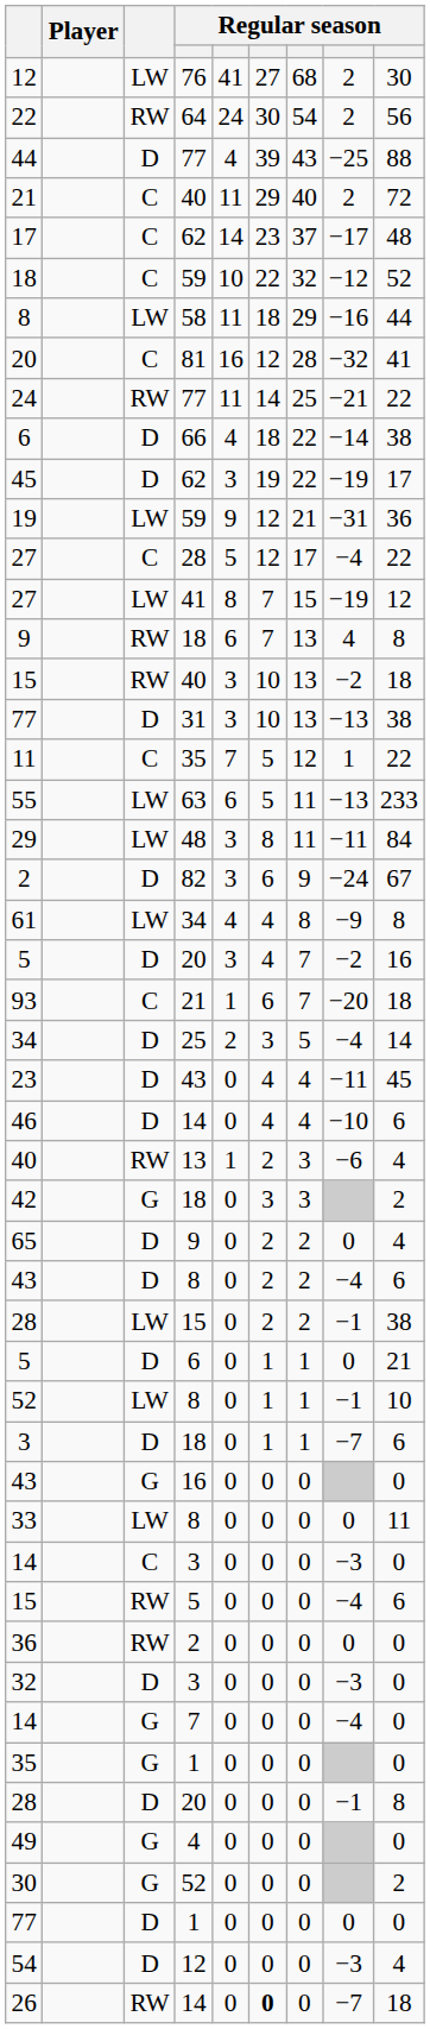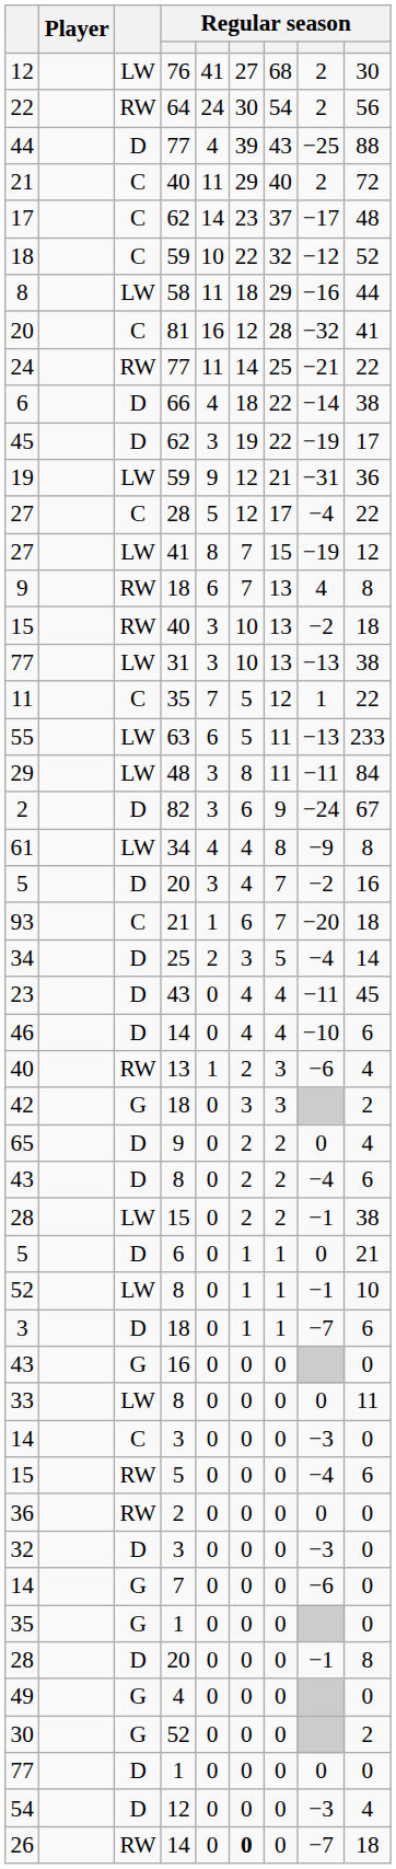 <table class="wikitable sortable plainrowheaders" style="text-align:center;">
 <tr>
 <th scope="col" data-sort-type="number" rowspan="2"></th>
 <th scope="col" rowspan="2">Player</th>
 <th scope="col" rowspan="2"></th>
 <th scope=colgroup colspan=6>Regular season</th>
 </tr>
 <tr>
 <th scope="col" data-sort-type="number"></th>
 <th scope="col" data-sort-type="number"></th>
 <th scope="col" data-sort-type="number"></th>
 <th scope="col" data-sort-type="number"></th>
 <th scope="col" data-sort-type="number"></th>
 <th scope="col" data-sort-type="number"></th>
 </tr>
 <tr>
 <td scope="row">12</td>
 <td align="left"></td>
 <td>LW</td>
 <td>76</td>
 <td>41</td>
 <td>27</td>
 <td>68</td>
 <td>2</td>
 <td>30</td>
 </tr>
 <tr>
 <td scope="row">22</td>
 <td align="left"></td>
 <td>RW</td>
 <td>64</td>
 <td>24</td>
 <td>30</td>
 <td>54</td>
 <td>2</td>
 <td>56</td>
 </tr>
 <tr>
 <td scope="row">44</td>
 <td align="left"></td>
 <td>D</td>
 <td>77</td>
 <td>4</td>
 <td>39</td>
 <td>43</td>
 <td>−25</td>
 <td>88</td>
 </tr>
 <tr>
 <td scope="row">21</td>
 <td align="left"></td>
 <td>C</td>
 <td>40</td>
 <td>11</td>
 <td>29</td>
 <td>40</td>
 <td>2</td>
 <td>72</td>
 </tr>
 <tr>
 <td scope="row">17</td>
 <td align="left"></td>
 <td>C</td>
 <td>62</td>
 <td>14</td>
 <td>23</td>
 <td>37</td>
 <td>−17</td>
 <td>48</td>
 </tr>
 <tr>
 <td scope="row">18</td>
 <td align="left"></td>
 <td>C</td>
 <td>59</td>
 <td>10</td>
 <td>22</td>
 <td>32</td>
 <td>−12</td>
 <td>52</td>
 </tr>
 <tr>
 <td scope="row">8</td>
 <td align="left"></td>
 <td>LW</td>
 <td>58</td>
 <td>11</td>
 <td>18</td>
 <td>29</td>
 <td>−16</td>
 <td>44</td>
 </tr>
 <tr>
 <td scope="row">20</td>
 <td align="left"></td>
 <td>C</td>
 <td>81</td>
 <td>16</td>
 <td>12</td>
 <td>28</td>
 <td>−32</td>
 <td>41</td>
 </tr>
 <tr>
 <td scope="row">24</td>
 <td align="left"></td>
 <td>RW</td>
 <td>77</td>
 <td>11</td>
 <td>14</td>
 <td>25</td>
 <td>−21</td>
 <td>22</td>
 </tr>
 <tr>
 <td scope="row">6</td>
 <td align="left"></td>
 <td>D</td>
 <td>66</td>
 <td>4</td>
 <td>18</td>
 <td>22</td>
 <td>−14</td>
 <td>38</td>
 </tr>
 <tr>
 <td scope="row">45</td>
 <td align="left"></td>
 <td>D</td>
 <td>62</td>
 <td>3</td>
 <td>19</td>
 <td>22</td>
 <td>−19</td>
 <td>17</td>
 </tr>
 <tr>
 <td scope="row">19</td>
 <td align="left"></td>
 <td>LW</td>
 <td>59</td>
 <td>9</td>
 <td>12</td>
 <td>21</td>
 <td>−31</td>
 <td>36</td>
 </tr>
 <tr>
 <td scope="row">27</td>
 <td align="left"></td>
 <td>C</td>
 <td>28</td>
 <td>5</td>
 <td>12</td>
 <td>17</td>
 <td>−4</td>
 <td>22</td>
 </tr>
 <tr>
 <td scope="row">27</td>
 <td align="left"></td>
 <td>LW</td>
 <td>41</td>
 <td>8</td>
 <td>7</td>
 <td>15</td>
 <td>−19</td>
 <td>12</td>
 </tr>
 <tr>
 <td scope="row">9</td>
 <td align="left"></td>
 <td>RW</td>
 <td>18</td>
 <td>6</td>
 <td>7</td>
 <td>13</td>
 <td>4</td>
 <td>8</td>
 </tr>
 <tr>
 <td scope="row">15</td>
 <td align="left"></td>
 <td>RW</td>
 <td>40</td>
 <td>3</td>
 <td>10</td>
 <td>13</td>
 <td>−2</td>
 <td>18</td>
 </tr>
 <tr>
 <td scope="row">77</td>
 <td align="left"></td>
-<td>D</td>
+<td>LW</td>
 <td>31</td>
 <td>3</td>
 <td>10</td>
 <td>13</td>
 <td>−13</td>
 <td>38</td>
 </tr>
 <tr>
 <td scope="row">11</td>
 <td align="left"></td>
 <td>C</td>
 <td>35</td>
 <td>7</td>
 <td>5</td>
 <td>12</td>
 <td>1</td>
 <td>22</td>
 </tr>
 <tr>
 <td scope="row">55</td>
 <td align="left"></td>
 <td>LW</td>
 <td>63</td>
 <td>6</td>
 <td>5</td>
 <td>11</td>
 <td>−13</td>
 <td>233</td>
 </tr>
 <tr>
 <td scope="row">29</td>
 <td align="left"></td>
 <td>LW</td>
 <td>48</td>
 <td>3</td>
 <td>8</td>
 <td>11</td>
 <td>−11</td>
 <td>84</td>
 </tr>
 <tr>
 <td scope="row">2</td>
 <td align="left"></td>
 <td>D</td>
 <td>82</td>
 <td>3</td>
 <td>6</td>
 <td>9</td>
 <td>−24</td>
 <td>67</td>
 </tr>
 <tr>
 <td scope="row">61</td>
 <td align="left"></td>
 <td>LW</td>
 <td>34</td>
 <td>4</td>
 <td>4</td>
 <td>8</td>
 <td>−9</td>
 <td>8</td>
 </tr>
 <tr>
 <td scope="row">5</td>
 <td align="left"></td>
 <td>D</td>
 <td>20</td>
 <td>3</td>
 <td>4</td>
 <td>7</td>
 <td>−2</td>
 <td>16</td>
 </tr>
 <tr>
 <td scope="row">93</td>
 <td align="left"></td>
 <td>C</td>
 <td>21</td>
 <td>1</td>
 <td>6</td>
 <td>7</td>
 <td>−20</td>
 <td>18</td>
 </tr>
 <tr>
 <td scope="row">34</td>
 <td align="left"></td>
 <td>D</td>
 <td>25</td>
 <td>2</td>
 <td>3</td>
 <td>5</td>
 <td>−4</td>
 <td>14</td>
 </tr>
 <tr>
 <td scope="row">23</td>
 <td align="left"></td>
 <td>D</td>
 <td>43</td>
 <td>0</td>
 <td>4</td>
 <td>4</td>
 <td>−11</td>
 <td>45</td>
 </tr>
 <tr>
 <td scope="row">46</td>
 <td align="left"></td>
 <td>D</td>
 <td>14</td>
 <td>0</td>
 <td>4</td>
 <td>4</td>
 <td>−10</td>
 <td>6</td>
 </tr>
 <tr>
 <td scope="row">40</td>
 <td align="left"></td>
 <td>RW</td>
 <td>13</td>
 <td>1</td>
 <td>2</td>
 <td>3</td>
 <td>−6</td>
 <td>4</td>
 </tr>
 <tr>
 <td scope="row">42</td>
 <td align="left"></td>
 <td>G</td>
 <td>18</td>
 <td>0</td>
 <td>3</td>
 <td>3</td>
 <td style="background:#ccc"></td>
 <td>2</td>
 </tr>
 <tr>
 <td scope="row">65</td>
 <td align="left"></td>
 <td>D</td>
 <td>9</td>
 <td>0</td>
 <td>2</td>
 <td>2</td>
 <td>0</td>
 <td>4</td>
 </tr>
 <tr>
 <td scope="row">43</td>
 <td align="left"></td>
 <td>D</td>
 <td>8</td>
 <td>0</td>
 <td>2</td>
 <td>2</td>
 <td>−4</td>
 <td>6</td>
 </tr>
 <tr>
 <td scope="row">28</td>
 <td align="left"></td>
 <td>LW</td>
 <td>15</td>
 <td>0</td>
 <td>2</td>
 <td>2</td>
 <td>−1</td>
 <td>38</td>
 </tr>
 <tr>
 <td scope="row">5</td>
 <td align="left"></td>
 <td>D</td>
 <td>6</td>
 <td>0</td>
 <td>1</td>
 <td>1</td>
 <td>0</td>
 <td>21</td>
 </tr>
 <tr>
 <td scope="row">52</td>
 <td align="left"></td>
 <td>LW</td>
 <td>8</td>
 <td>0</td>
 <td>1</td>
 <td>1</td>
 <td>−1</td>
 <td>10</td>
 </tr>
 <tr>
 <td scope="row">3</td>
 <td align="left"></td>
 <td>D</td>
 <td>18</td>
 <td>0</td>
 <td>1</td>
 <td>1</td>
 <td>−7</td>
 <td>6</td>
 </tr>
 <tr>
 <td scope="row">43</td>
 <td align="left"></td>
 <td>G</td>
 <td>16</td>
 <td>0</td>
 <td>0</td>
 <td>0</td>
 <td style="background:#ccc"></td>
 <td>0</td>
 </tr>
 <tr>
 <td scope="row">33</td>
 <td align="left"></td>
 <td>LW</td>
 <td>8</td>
 <td>0</td>
 <td>0</td>
 <td>0</td>
 <td>0</td>
 <td>11</td>
 </tr>
 <tr>
 <td scope="row">14</td>
 <td align="left"></td>
 <td>C</td>
 <td>3</td>
 <td>0</td>
 <td>0</td>
 <td>0</td>
 <td>−3</td>
 <td>0</td>
 </tr>
 <tr>
 <td scope="row">15</td>
 <td align="left"></td>
 <td>RW</td>
 <td>5</td>
 <td>0</td>
 <td>0</td>
 <td>0</td>
 <td>−4</td>
 <td>6</td>
 </tr>
 <tr>
 <td scope="row">36</td>
 <td align="left"></td>
 <td>RW</td>
 <td>2</td>
 <td>0</td>
 <td>0</td>
 <td>0</td>
 <td>0</td>
 <td>0</td>
 </tr>
 <tr>
 <td scope="row">32</td>
 <td align="left"></td>
 <td>D</td>
 <td>3</td>
 <td>0</td>
 <td>0</td>
 <td>0</td>
 <td>−3</td>
 <td>0</td>
 </tr>
 <tr>
 <td scope="row">14</td>
 <td align="left"></td>
 <td>G</td>
 <td>7</td>
 <td>0</td>
 <td>0</td>
 <td>0</td>
-<td>−4</td>
+<td>−6</td>
 <td>0</td>
 </tr>
 <tr>
 <td scope="row">35</td>
 <td align="left"></td>
 <td>G</td>
 <td>1</td>
 <td>0</td>
 <td>0</td>
 <td>0</td>
 <td style="background:#ccc"></td>
 <td>0</td>
 </tr>
 <tr>
 <td scope="row">28</td>
 <td align="left"></td>
 <td>D</td>
 <td>20</td>
 <td>0</td>
 <td>0</td>
 <td>0</td>
 <td>−1</td>
 <td>8</td>
 </tr>
 <tr>
 <td scope="row">49</td>
 <td align="left"></td>
 <td>G</td>
 <td>4</td>
 <td>0</td>
 <td>0</td>
 <td>0</td>
 <td style="background:#ccc"></td>
 <td>0</td>
 </tr>
 <tr>
 <td scope="row">30</td>
 <td align="left"></td>
 <td>G</td>
 <td>52</td>
 <td>0</td>
 <td>0</td>
 <td>0</td>
 <td style="background:#ccc"></td>
 <td>2</td>
 </tr>
 <tr>
 <td scope="row">77</td>
 <td align="left"></td>
 <td>D</td>
 <td>1</td>
 <td>0</td>
 <td>0</td>
 <td>0</td>
 <td>0</td>
 <td>0</td>
 </tr>
 <tr>
 <td scope="row">54</td>
 <td align="left"></td>
 <td>D</td>
 <td>12</td>
 <td>0</td>
 <td>0</td>
 <td>0</td>
 <td>−3</td>
 <td>4</td>
 </tr>
 <tr>
 <td scope="row">26</td>
 <td align="left"></td>
 <td>RW</td>
 <td>14</td>
 <td>0</td>
 <td><strong>0</strong></td>
 <td>0</td>
 <td>−7</td>
 <td>18</td>
 </tr>
 </table>
